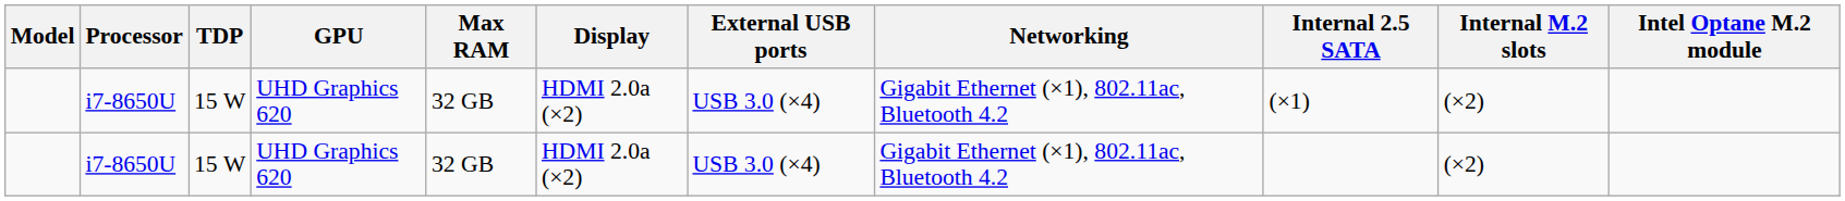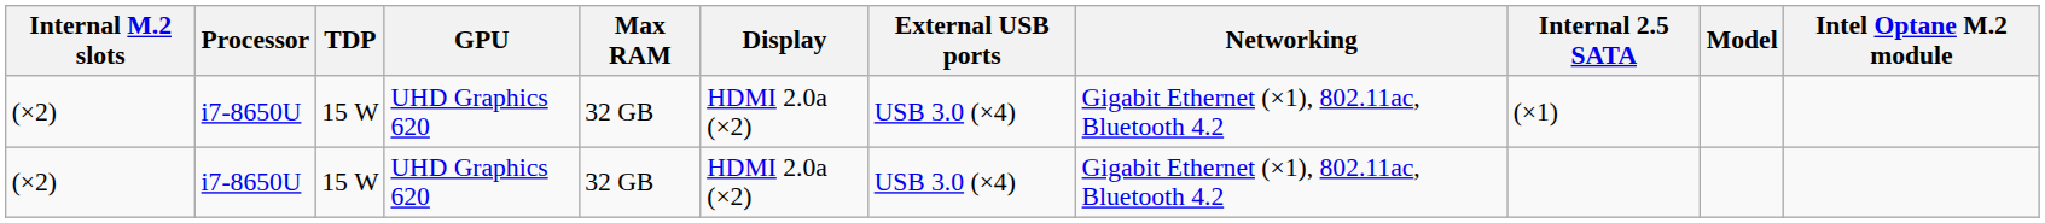 <table class="wikitable">
 <tr>
-<th>Model</th>
+<th>Internal <a href='#'>M.2</a> slots</th>
 <th>Processor</th>
 <th>TDP</th>
 <th>GPU</th>
 <th>Max RAM</th>
 <th>Display</th>
 <th>External USB ports</th>
 <th>Networking</th>
 <th>Internal 2.5 <a href='#'>SATA</a></th>
-<th>Internal <a href='#'>M.2</a> slots</th>
+<th>Model</th>
 <th>Intel <a href='#'>Optane</a> M.2 module</th>
 </tr>
 <tr>
-<td></td>
+<td> (×2)</td>
 <td><a href='#'>i7-8650U</a></td>
 <td>15 W</td>
 <td><a href='#'>UHD Graphics 620</a></td>
 <td>32 GB</td>
 <td><a href='#'>HDMI</a> 2.0a (×2)</td>
 <td><a href='#'>USB 3.0</a> (×4)</td>
 <td><a href='#'>Gigabit Ethernet</a> (×1), <a href='#'>802.11ac</a>, <a href='#'>Bluetooth 4.2</a></td>
 <td> (×1)</td>
-<td> (×2)</td>
+<td></td>
 <td></td>
 </tr>
 <tr>
-<td></td>
+<td> (×2)</td>
 <td><a href='#'>i7-8650U</a></td>
 <td>15 W</td>
 <td><a href='#'>UHD Graphics 620</a></td>
 <td>32 GB</td>
 <td><a href='#'>HDMI</a> 2.0a (×2)</td>
 <td><a href='#'>USB 3.0</a> (×4)</td>
 <td><a href='#'>Gigabit Ethernet</a> (×1), <a href='#'>802.11ac</a>, <a href='#'>Bluetooth 4.2</a></td>
 <td></td>
-<td> (×2)</td>
+<td></td>
 <td></td>
 </tr>
 </table>
